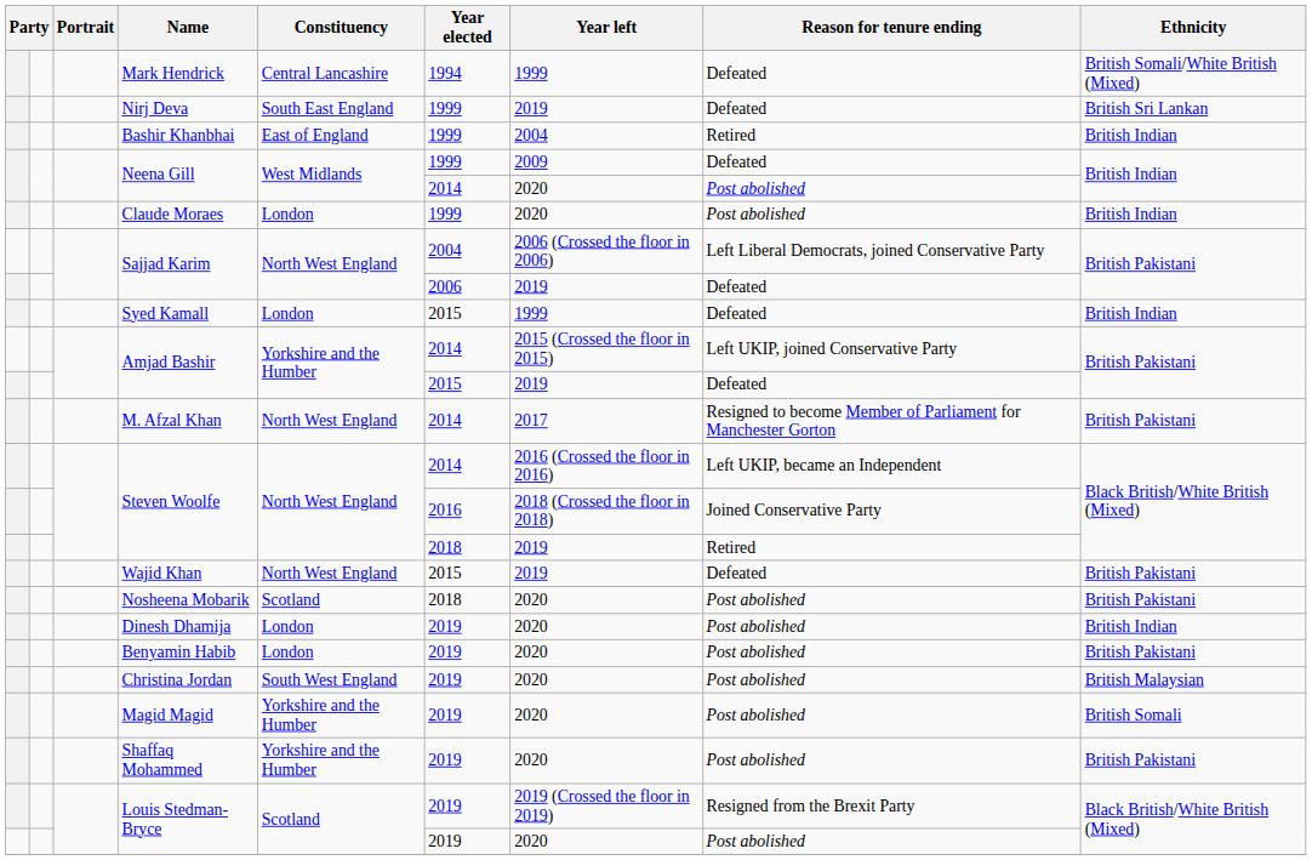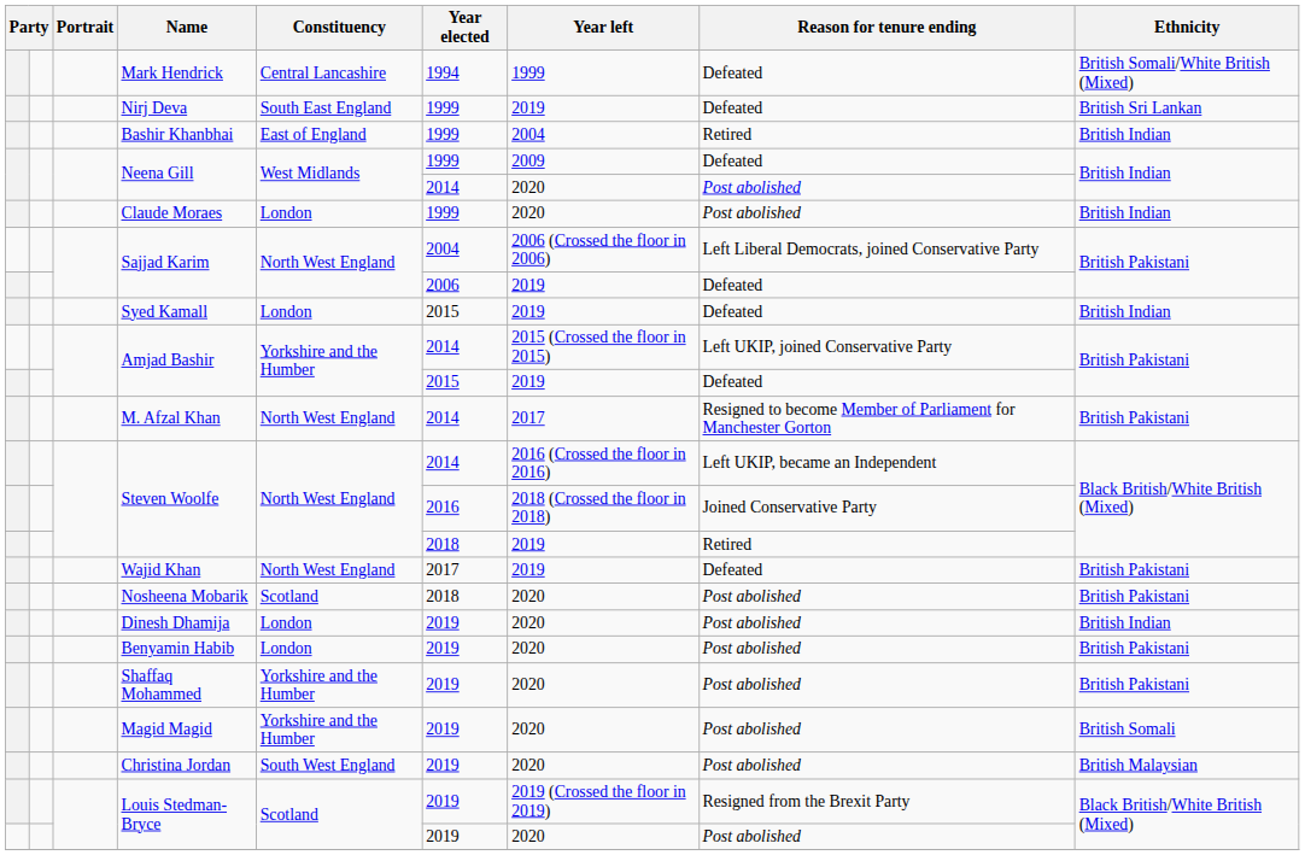 <table class="wikitable sortable">
 <tr>
 <th colspan=2>Party</th>
 <th>Portrait</th>
 <th>Name</th>
 <th>Constituency</th>
 <th>Year elected</th>
 <th>Year left</th>
 <th>Reason for tenure ending</th>
 <th>Ethnicity</th>
 </tr>
 <tr>
 <th style="background-color: "></th>
 <td></td>
 <td></td>
 <td><a href='#'>Mark Hendrick</a></td>
 <td><a href='#'>Central Lancashire</a></td>
 <td><a href='#'>1994</a></td>
 <td><a href='#'>1999</a></td>
 <td>Defeated</td>
 <td><a href='#'>British Somali</a>/<a href='#'>White British</a> (<a href='#'>Mixed</a>)</td>
 </tr>
 <tr>
 <th style="background-color: "></th>
 <td></td>
 <td></td>
 <td><a href='#'>Nirj Deva</a></td>
 <td><a href='#'>South East England</a></td>
 <td><a href='#'>1999</a></td>
 <td><a href='#'>2019</a></td>
 <td>Defeated</td>
 <td><a href='#'>British Sri Lankan</a></td>
 </tr>
 <tr>
 <th style="background-color: "></th>
 <td></td>
 <td></td>
 <td><a href='#'>Bashir Khanbhai</a></td>
 <td><a href='#'>East of England</a></td>
 <td><a href='#'>1999</a></td>
 <td><a href='#'>2004</a></td>
 <td>Retired</td>
 <td><a href='#'>British Indian</a></td>
 </tr>
 <tr>
 <th rowspan=2 style="background-color: "></th>
 <td rowspan=2></td>
 <td rowspan=2></td>
 <td rowspan=2><a href='#'>Neena Gill</a></td>
 <td rowspan=2><a href='#'>West Midlands</a></td>
 <td><a href='#'>1999</a></td>
 <td><a href='#'>2009</a></td>
 <td>Defeated</td>
 <td rowspan=2><a href='#'>British Indian</a></td>
 </tr>
 <tr>
 <td><a href='#'>2014</a></td>
 <td>2020</td>
 <td><em><a href='#'>Post abolished</a></em></td>
 </tr>
 <tr>
 <th style="background-color: "></th>
 <td></td>
 <td></td>
 <td><a href='#'>Claude Moraes</a></td>
 <td><a href='#'>London</a></td>
 <td><a href='#'>1999</a></td>
 <td>2020</td>
 <td><em>Post abolished</em></td>
 <td><a href='#'>British Indian</a></td>
 </tr>
 <tr>
 <td style="background-color: "></td>
 <td></td>
 <td rowspan="2"></td>
 <td rowspan="2"><a href='#'>Sajjad Karim</a></td>
 <td rowspan="2"><a href='#'>North West England</a></td>
 <td><a href='#'>2004</a></td>
 <td><a href='#'>2006</a> (<a href='#'>Crossed the floor in 2006</a>)</td>
 <td>Left Liberal Democrats, joined Conservative Party</td>
 <td rowspan=2><a href='#'>British Pakistani</a></td>
 </tr>
 <tr>
 <th style="background-color: "></th>
 <td></td>
 <td><a href='#'>2006</a></td>
 <td><a href='#'>2019</a></td>
 <td>Defeated</td>
 </tr>
 <tr>
 <th style="background-color: "></th>
 <td></td>
 <td></td>
 <td><a href='#'>Syed Kamall</a></td>
 <td><a href='#'>London</a></td>
 <td>2015</td>
-<td><a href='#'>1999</a></td>
+<td><a href='#'>2019</a></td>
 <td>Defeated</td>
 <td><a href='#'>British Indian</a></td>
 </tr>
 <tr>
 <td style="background-color: "></td>
 <td></td>
 <td rowspan="2"></td>
 <td rowspan="2"><a href='#'>Amjad Bashir</a></td>
 <td rowspan="2"><a href='#'>Yorkshire and the Humber</a></td>
 <td><a href='#'>2014</a></td>
 <td><a href='#'>2015</a> (<a href='#'>Crossed the floor in 2015</a>)</td>
 <td>Left UKIP, joined Conservative Party</td>
 <td rowspan=2><a href='#'>British Pakistani</a></td>
 </tr>
 <tr>
 <th style="background-color: "></th>
 <td></td>
 <td><a href='#'>2015</a></td>
 <td><a href='#'>2019</a></td>
 <td>Defeated</td>
 </tr>
 <tr>
 <th style="background-color: "></th>
 <td></td>
 <td></td>
 <td><a href='#'>M. Afzal Khan</a></td>
 <td><a href='#'>North West England</a></td>
 <td><a href='#'>2014</a></td>
 <td><a href='#'>2017</a></td>
 <td>Resigned to become <a href='#'>Member of Parliament</a> for <a href='#'>Manchester Gorton</a></td>
 <td><a href='#'>British Pakistani</a></td>
 </tr>
 <tr>
 <th style="background-color: "></th>
 <td></td>
 <td rowspan="3"></td>
 <td rowspan="3"><a href='#'>Steven Woolfe</a></td>
 <td rowspan="3"><a href='#'>North West England</a></td>
 <td><a href='#'>2014</a></td>
 <td><a href='#'>2016</a> (<a href='#'>Crossed the floor in 2016</a>)</td>
 <td>Left UKIP, became an Independent</td>
 <td rowspan=3><a href='#'>Black British</a>/<a href='#'>White British</a> (<a href='#'>Mixed</a>)</td>
 </tr>
 <tr>
 <th style="background-color: "></th>
 <td></td>
 <td><a href='#'>2016</a></td>
 <td><a href='#'>2018</a> (<a href='#'>Crossed the floor in 2018</a>)</td>
 <td>Joined Conservative Party</td>
 </tr>
 <tr>
 <th style="background-color: "></th>
 <td></td>
 <td><a href='#'>2018</a></td>
 <td><a href='#'>2019</a></td>
 <td>Retired</td>
 </tr>
 <tr>
 <th style="background-color: "></th>
 <td></td>
 <td></td>
 <td><a href='#'>Wajid Khan</a></td>
 <td><a href='#'>North West England</a></td>
-<td>2015</td>
+<td>2017</td>
 <td><a href='#'>2019</a></td>
 <td>Defeated</td>
 <td><a href='#'>British Pakistani</a></td>
 </tr>
 <tr>
 <th style="background-color: "></th>
 <td></td>
 <td></td>
 <td><a href='#'>Nosheena Mobarik</a></td>
 <td><a href='#'>Scotland</a></td>
 <td>2018</td>
 <td>2020</td>
 <td><em>Post abolished</em></td>
 <td><a href='#'>British Pakistani</a></td>
 </tr>
 <tr>
 <th style="background-color: "></th>
 <td></td>
 <td></td>
 <td><a href='#'>Dinesh Dhamija</a></td>
 <td><a href='#'>London</a></td>
 <td><a href='#'>2019</a></td>
 <td>2020</td>
 <td><em>Post abolished</em></td>
 <td><a href='#'>British Indian</a></td>
 </tr>
 <tr>
 <th style="background-color: "></th>
 <td></td>
 <td></td>
 <td><a href='#'>Benyamin Habib</a></td>
 <td><a href='#'>London</a></td>
 <td><a href='#'>2019</a></td>
 <td>2020</td>
 <td><em>Post abolished</em></td>
 <td><a href='#'>British Pakistani</a></td>
 </tr>
 <tr>
 <th style="background-color: "></th>
 <td></td>
 <td></td>
-<td><a href='#'>Christina Jordan</a></td>
-<td><a href='#'>South West England</a></td>
+<td><a href='#'>Shaffaq Mohammed</a></td>
+<td><a href='#'>Yorkshire and the Humber</a></td>
 <td><a href='#'>2019</a></td>
 <td>2020</td>
 <td><em>Post abolished</em></td>
-<td><a href='#'>British Malaysian</a></td>
+<td><a href='#'>British Pakistani</a></td>
 </tr>
 <tr>
 <th style="background-color: "></th>
 <td></td>
 <td></td>
 <td><a href='#'>Magid Magid</a></td>
 <td><a href='#'>Yorkshire and the Humber</a></td>
 <td><a href='#'>2019</a></td>
 <td>2020</td>
 <td><em>Post abolished</em></td>
 <td><a href='#'>British Somali</a></td>
 </tr>
 <tr>
 <th style="background-color: "></th>
 <td></td>
 <td></td>
-<td><a href='#'>Shaffaq Mohammed</a></td>
-<td><a href='#'>Yorkshire and the Humber</a></td>
+<td><a href='#'>Christina Jordan</a></td>
+<td><a href='#'>South West England</a></td>
 <td><a href='#'>2019</a></td>
 <td>2020</td>
 <td><em>Post abolished</em></td>
-<td><a href='#'>British Pakistani</a></td>
+<td><a href='#'>British Malaysian</a></td>
 </tr>
 <tr>
 <th style="background-color: "></th>
 <td></td>
 <td rowspan="2"></td>
 <td rowspan="2"><a href='#'>Louis Stedman-Bryce</a></td>
 <td rowspan="2"><a href='#'>Scotland</a></td>
 <td><a href='#'>2019</a></td>
 <td><a href='#'>2019</a> (<a href='#'>Crossed the floor in 2019</a>)</td>
 <td>Resigned from the Brexit Party</td>
 <td rowspan="2"><a href='#'>Black British</a>/<a href='#'>White British</a> (<a href='#'>Mixed</a>)</td>
 </tr>
 <tr>
 <td ! style="background-color: "></td>
 <td></td>
 <td>2019</td>
 <td>2020</td>
 <td><em>Post abolished</em></td>
 </tr>
 <tr>
 </tr>
 </table>
